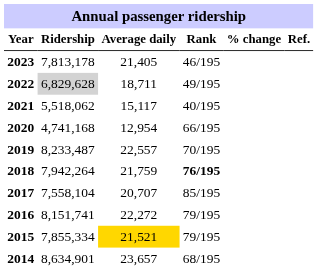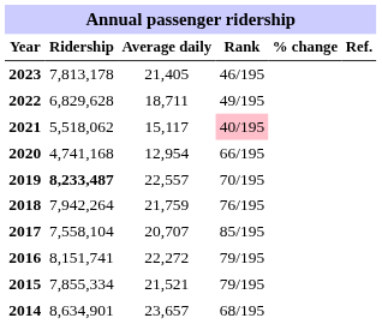 <table class="toccolours" cellpadding="4" cellspacing="0" style="text-align:right;">
 <tr>
 <th colspan="6"  style="background-color:#ccf; background-color:#ccf; font-size:110%; text-align:center;">Annual passenger ridership</th>
 </tr>
 <tr style="font-size:95%; text-align:center">
 <th style="border-bottom:1px solid black">Year</th>
 <th style="border-bottom:1px solid black">Ridership</th>
 <th style="border-bottom:1px solid black">Average daily</th>
 <th style="border-bottom:1px solid black">Rank</th>
 <th style="border-bottom:1px solid black">% change</th>
 <th style="border-bottom:1px solid black">Ref.</th>
 </tr>
 <tr style="text-align:center;">
 <td><strong>2023</strong></td>
 <td>7,813,178</td>
 <td>21,405</td>
 <td>46/195</td>
 <td></td>
 <td></td>
 </tr>
 <tr style="text-align:center;">
 <td><strong>2022</strong></td>
-<td style="background: lightgrey;">6,829,628</td>
+<td>6,829,628</td>
 <td>18,711</td>
 <td>49/195</td>
 <td></td>
 <td></td>
 </tr>
 <tr style="text-align:center;">
 <td><strong>2021</strong></td>
 <td>5,518,062</td>
 <td>15,117</td>
-<td>40/195</td>
+<td style="background: pink;">40/195</td>
 <td></td>
 <td></td>
 </tr>
 <tr style="text-align:center;">
 <td><strong>2020</strong></td>
 <td>4,741,168</td>
 <td>12,954</td>
 <td>66/195</td>
 <td></td>
 <td></td>
 </tr>
 <tr style="text-align:center;">
 <td><strong>2019</strong></td>
-<td>8,233,487</td>
+<td><strong>8,233,487</strong></td>
 <td>22,557</td>
 <td>70/195</td>
 <td></td>
 <td></td>
 </tr>
 <tr style="text-align:center;">
 <td><strong>2018</strong></td>
 <td>7,942,264</td>
 <td>21,759</td>
-<td><strong>76/195</strong></td>
+<td>76/195</td>
 <td></td>
 <td></td>
 </tr>
 <tr style="text-align:center;">
 <td><strong>2017</strong></td>
 <td>7,558,104</td>
 <td>20,707</td>
 <td>85/195</td>
 <td></td>
 <td></td>
 </tr>
 <tr style="text-align:center;">
 <td><strong>2016</strong></td>
 <td>8,151,741</td>
 <td>22,272</td>
 <td>79/195</td>
 <td></td>
 <td></td>
 </tr>
 <tr style="text-align:center;">
 <td><strong>2015</strong></td>
 <td>7,855,334</td>
-<td style="background: gold;">21,521</td>
+<td>21,521</td>
 <td>79/195</td>
 <td></td>
 <td></td>
 </tr>
 <tr style="text-align:center;">
 <td><strong>2014</strong></td>
 <td>8,634,901</td>
 <td>23,657</td>
 <td>68/195</td>
 <td></td>
 <td></td>
 </tr>
 </table>
